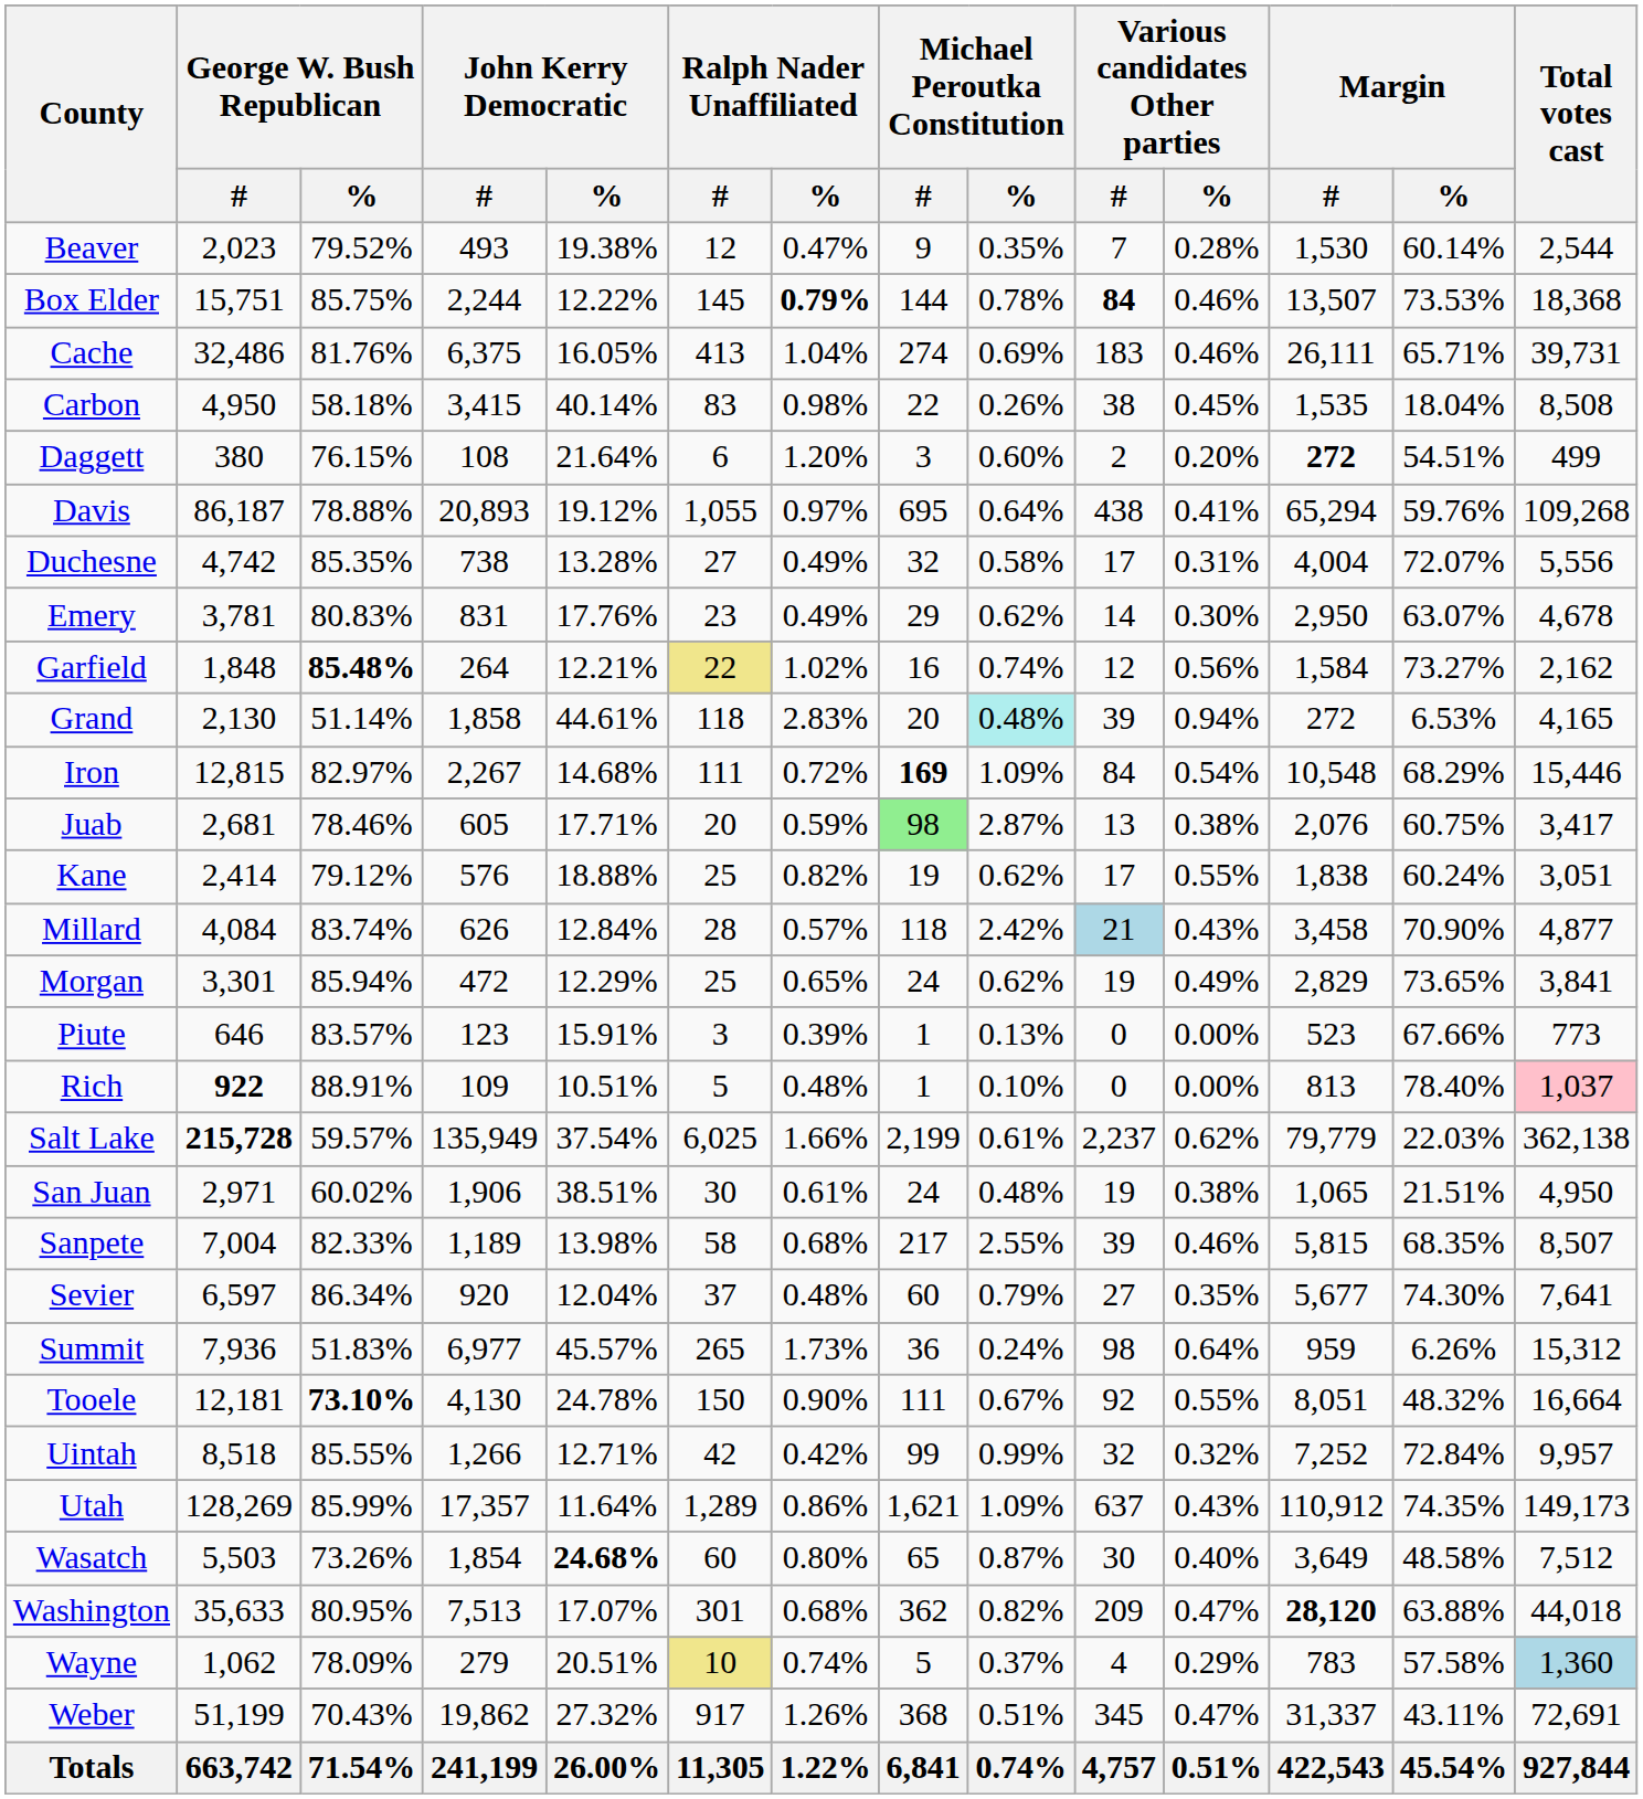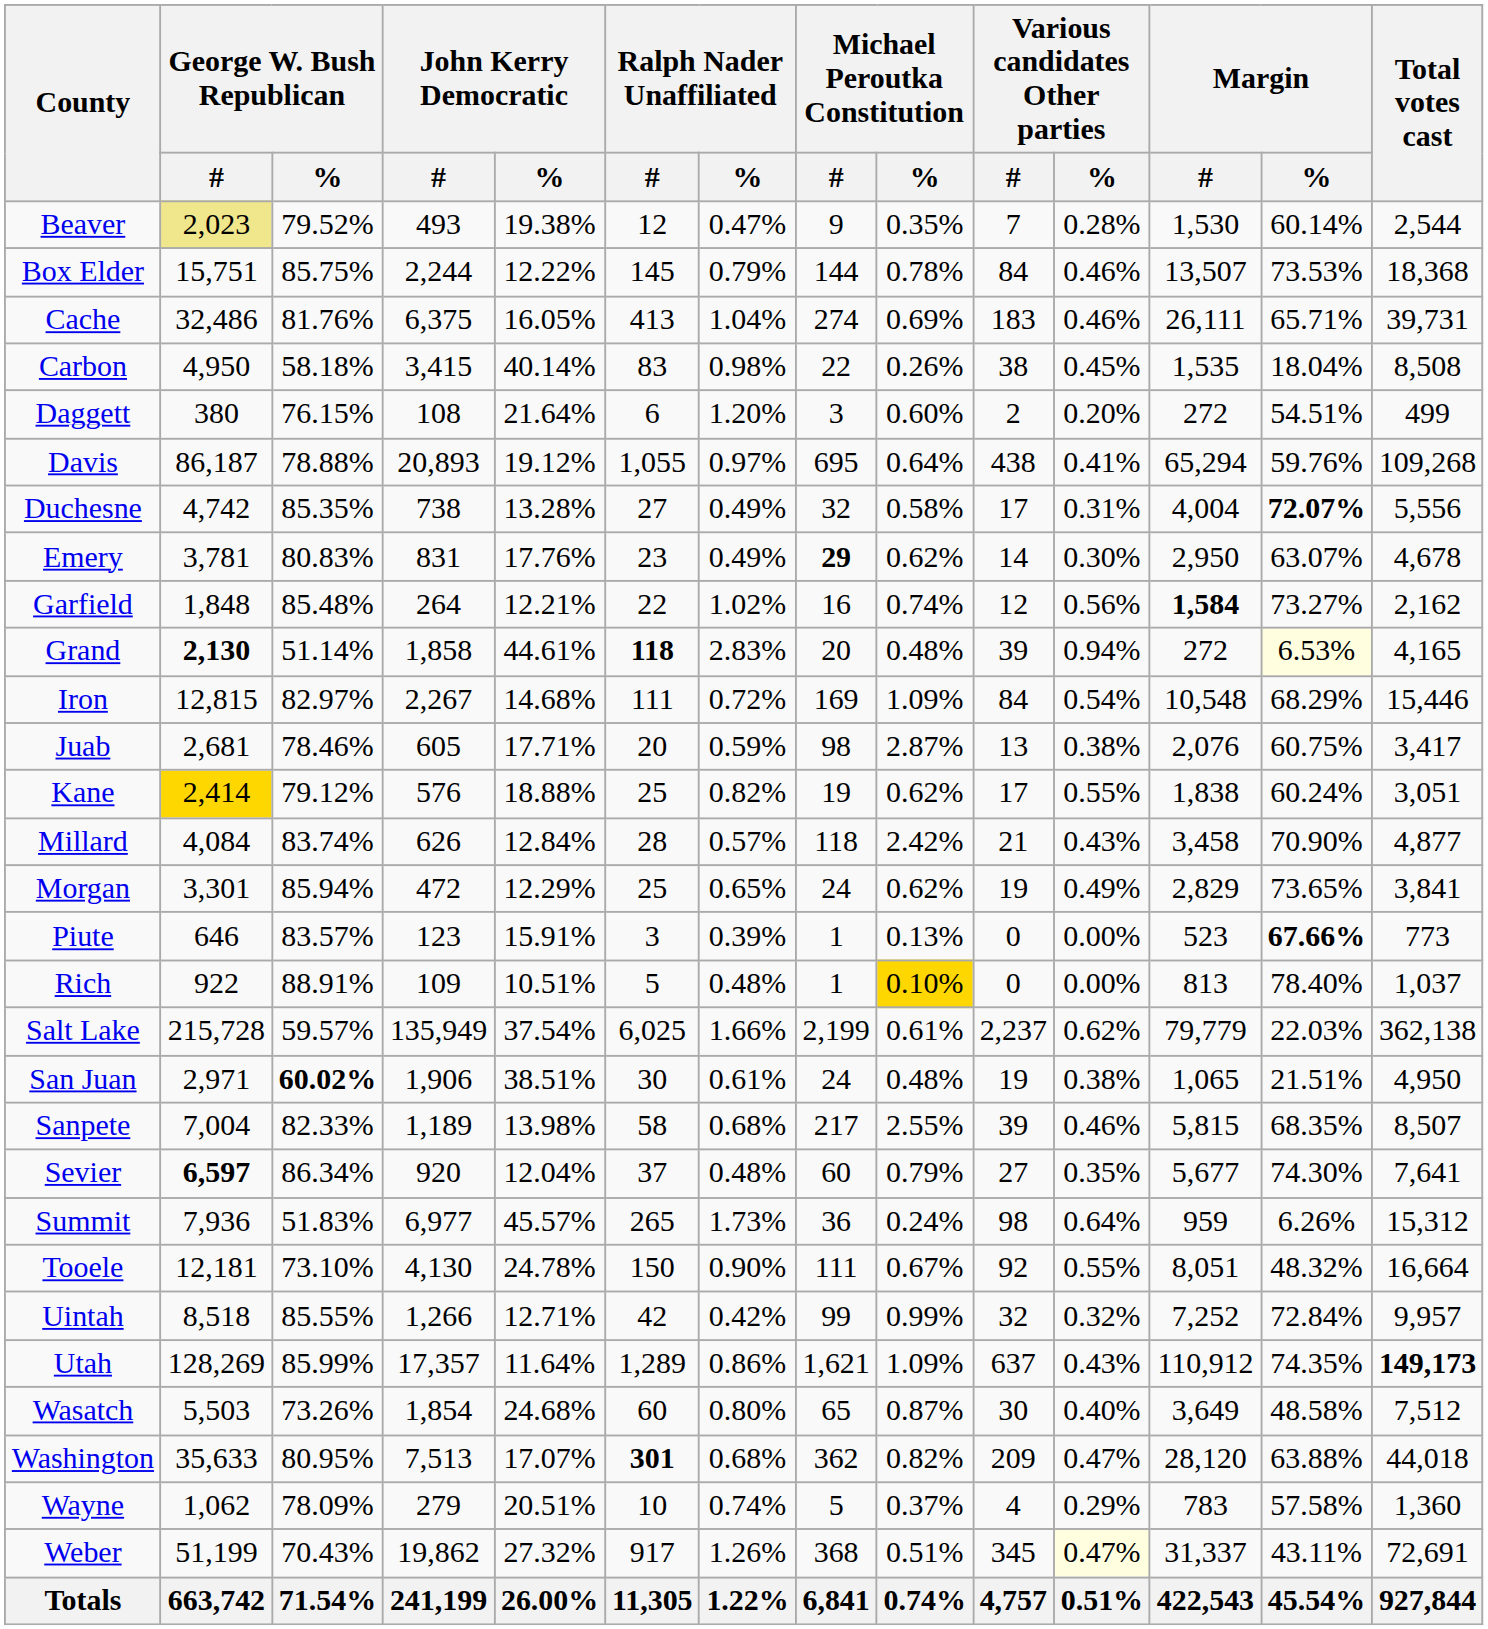 <table width="60%"  class="wikitable sortable">
 <tr>
 <th rowspan="2">County</th>
 <th colspan="2">George W. Bush<br>Republican</th>
 <th colspan="2">John Kerry<br>Democratic</th>
 <th colspan="2">Ralph Nader<br>Unaffiliated</th>
 <th colspan="2">Michael Peroutka<br>Constitution</th>
 <th colspan="2">Various candidates<br>Other parties</th>
 <th colspan="2">Margin</th>
 <th rowspan="2">Total votes cast</th>
 </tr>
 <tr>
 <th style="text-align:center;" data-sort-type="number">#</th>
 <th style="text-align:center;" data-sort-type="number">%</th>
 <th style="text-align:center;" data-sort-type="number">#</th>
 <th style="text-align:center;" data-sort-type="number">%</th>
 <th style="text-align:center;" data-sort-type="number">#</th>
 <th style="text-align:center;" data-sort-type="number">%</th>
 <th style="text-align:center;" data-sort-type="number">#</th>
 <th style="text-align:center;" data-sort-type="number">%</th>
 <th style="text-align:center;" data-sort-type="number">#</th>
 <th style="text-align:center;" data-sort-type="number">%</th>
 <th style="text-align:center;" data-sort-type="number">#</th>
 <th style="text-align:center;" data-sort-type="number">%</th>
 </tr>
 <tr style="text-align:center;">
 <td><a href='#'>Beaver</a></td>
-<td>2,023</td>
+<td style="background: khaki;">2,023</td>
 <td>79.52%</td>
 <td>493</td>
 <td>19.38%</td>
 <td>12</td>
 <td>0.47%</td>
 <td>9</td>
 <td>0.35%</td>
 <td>7</td>
 <td>0.28%</td>
 <td>1,530</td>
 <td>60.14%</td>
 <td>2,544</td>
 </tr>
 <tr style="text-align:center;">
 <td><a href='#'>Box Elder</a></td>
 <td>15,751</td>
 <td>85.75%</td>
 <td>2,244</td>
 <td>12.22%</td>
 <td>145</td>
-<td><strong>0.79%</strong></td>
+<td>0.79%</td>
 <td>144</td>
 <td>0.78%</td>
-<td><strong>84</strong></td>
+<td>84</td>
 <td>0.46%</td>
 <td>13,507</td>
 <td>73.53%</td>
 <td>18,368</td>
 </tr>
 <tr style="text-align:center;">
 <td><a href='#'>Cache</a></td>
 <td>32,486</td>
 <td>81.76%</td>
 <td>6,375</td>
 <td>16.05%</td>
 <td>413</td>
 <td>1.04%</td>
 <td>274</td>
 <td>0.69%</td>
 <td>183</td>
 <td>0.46%</td>
 <td>26,111</td>
 <td>65.71%</td>
 <td>39,731</td>
 </tr>
 <tr style="text-align:center;">
 <td><a href='#'>Carbon</a></td>
 <td>4,950</td>
 <td>58.18%</td>
 <td>3,415</td>
 <td>40.14%</td>
 <td>83</td>
 <td>0.98%</td>
 <td>22</td>
 <td>0.26%</td>
 <td>38</td>
 <td>0.45%</td>
 <td>1,535</td>
 <td>18.04%</td>
 <td>8,508</td>
 </tr>
 <tr style="text-align:center;">
 <td><a href='#'>Daggett</a></td>
 <td>380</td>
 <td>76.15%</td>
 <td>108</td>
 <td>21.64%</td>
 <td>6</td>
 <td>1.20%</td>
 <td>3</td>
 <td>0.60%</td>
 <td>2</td>
 <td>0.20%</td>
-<td><strong>272</strong></td>
+<td>272</td>
 <td>54.51%</td>
 <td>499</td>
 </tr>
 <tr style="text-align:center;">
 <td><a href='#'>Davis</a></td>
 <td>86,187</td>
 <td>78.88%</td>
 <td>20,893</td>
 <td>19.12%</td>
 <td>1,055</td>
 <td>0.97%</td>
 <td>695</td>
 <td>0.64%</td>
 <td>438</td>
 <td>0.41%</td>
 <td>65,294</td>
 <td>59.76%</td>
 <td>109,268</td>
 </tr>
 <tr style="text-align:center;">
 <td><a href='#'>Duchesne</a></td>
 <td>4,742</td>
 <td>85.35%</td>
 <td>738</td>
 <td>13.28%</td>
 <td>27</td>
 <td>0.49%</td>
 <td>32</td>
 <td>0.58%</td>
 <td>17</td>
 <td>0.31%</td>
 <td>4,004</td>
-<td>72.07%</td>
+<td><strong>72.07%</strong></td>
 <td>5,556</td>
 </tr>
 <tr style="text-align:center;">
 <td><a href='#'>Emery</a></td>
 <td>3,781</td>
 <td>80.83%</td>
 <td>831</td>
 <td>17.76%</td>
 <td>23</td>
 <td>0.49%</td>
-<td>29</td>
+<td><strong>29</strong></td>
 <td>0.62%</td>
 <td>14</td>
 <td>0.30%</td>
 <td>2,950</td>
 <td>63.07%</td>
 <td>4,678</td>
 </tr>
 <tr style="text-align:center;">
 <td><a href='#'>Garfield</a></td>
 <td>1,848</td>
-<td><strong>85.48%</strong></td>
+<td>85.48%</td>
 <td>264</td>
 <td>12.21%</td>
-<td style="background: khaki;">22</td>
+<td>22</td>
 <td>1.02%</td>
 <td>16</td>
 <td>0.74%</td>
 <td>12</td>
 <td>0.56%</td>
-<td>1,584</td>
+<td><strong>1,584</strong></td>
 <td>73.27%</td>
 <td>2,162</td>
 </tr>
 <tr style="text-align:center;">
 <td><a href='#'>Grand</a></td>
-<td>2,130</td>
+<td><strong>2,130</strong></td>
 <td>51.14%</td>
 <td>1,858</td>
 <td>44.61%</td>
-<td>118</td>
+<td><strong>118</strong></td>
 <td>2.83%</td>
 <td>20</td>
-<td style="background: paleturquoise;">0.48%</td>
+<td>0.48%</td>
 <td>39</td>
 <td>0.94%</td>
 <td>272</td>
-<td>6.53%</td>
+<td style="background: lightyellow;">6.53%</td>
 <td>4,165</td>
 </tr>
 <tr style="text-align:center;">
 <td><a href='#'>Iron</a></td>
 <td>12,815</td>
 <td>82.97%</td>
 <td>2,267</td>
 <td>14.68%</td>
 <td>111</td>
 <td>0.72%</td>
-<td><strong>169</strong></td>
+<td>169</td>
 <td>1.09%</td>
 <td>84</td>
 <td>0.54%</td>
 <td>10,548</td>
 <td>68.29%</td>
 <td>15,446</td>
 </tr>
 <tr style="text-align:center;">
 <td><a href='#'>Juab</a></td>
 <td>2,681</td>
 <td>78.46%</td>
 <td>605</td>
 <td>17.71%</td>
 <td>20</td>
 <td>0.59%</td>
-<td style="background: lightgreen;">98</td>
+<td>98</td>
 <td>2.87%</td>
 <td>13</td>
 <td>0.38%</td>
 <td>2,076</td>
 <td>60.75%</td>
 <td>3,417</td>
 </tr>
 <tr style="text-align:center;">
 <td><a href='#'>Kane</a></td>
-<td>2,414</td>
+<td style="background: gold;">2,414</td>
 <td>79.12%</td>
 <td>576</td>
 <td>18.88%</td>
 <td>25</td>
 <td>0.82%</td>
 <td>19</td>
 <td>0.62%</td>
 <td>17</td>
 <td>0.55%</td>
 <td>1,838</td>
 <td>60.24%</td>
 <td>3,051</td>
 </tr>
 <tr style="text-align:center;">
 <td><a href='#'>Millard</a></td>
 <td>4,084</td>
 <td>83.74%</td>
 <td>626</td>
 <td>12.84%</td>
 <td>28</td>
 <td>0.57%</td>
 <td>118</td>
 <td>2.42%</td>
-<td style="background: lightblue;">21</td>
+<td>21</td>
 <td>0.43%</td>
 <td>3,458</td>
 <td>70.90%</td>
 <td>4,877</td>
 </tr>
 <tr style="text-align:center;">
 <td><a href='#'>Morgan</a></td>
 <td>3,301</td>
 <td>85.94%</td>
 <td>472</td>
 <td>12.29%</td>
 <td>25</td>
 <td>0.65%</td>
 <td>24</td>
 <td>0.62%</td>
 <td>19</td>
 <td>0.49%</td>
 <td>2,829</td>
 <td>73.65%</td>
 <td>3,841</td>
 </tr>
 <tr style="text-align:center;">
 <td><a href='#'>Piute</a></td>
 <td>646</td>
 <td>83.57%</td>
 <td>123</td>
 <td>15.91%</td>
 <td>3</td>
 <td>0.39%</td>
 <td>1</td>
 <td>0.13%</td>
 <td>0</td>
 <td>0.00%</td>
 <td>523</td>
-<td>67.66%</td>
+<td><strong>67.66%</strong></td>
 <td>773</td>
 </tr>
 <tr style="text-align:center;">
 <td><a href='#'>Rich</a></td>
-<td><strong>922</strong></td>
+<td>922</td>
 <td>88.91%</td>
 <td>109</td>
 <td>10.51%</td>
 <td>5</td>
 <td>0.48%</td>
 <td>1</td>
-<td>0.10%</td>
+<td style="background: gold;">0.10%</td>
 <td>0</td>
 <td>0.00%</td>
 <td>813</td>
 <td>78.40%</td>
-<td style="background: pink;">1,037</td>
+<td>1,037</td>
 </tr>
 <tr style="text-align:center;">
 <td><a href='#'>Salt Lake</a></td>
-<td><strong>215,728</strong></td>
+<td>215,728</td>
 <td>59.57%</td>
 <td>135,949</td>
 <td>37.54%</td>
 <td>6,025</td>
 <td>1.66%</td>
 <td>2,199</td>
 <td>0.61%</td>
 <td>2,237</td>
 <td>0.62%</td>
 <td>79,779</td>
 <td>22.03%</td>
 <td>362,138</td>
 </tr>
 <tr style="text-align:center;">
 <td><a href='#'>San Juan</a></td>
 <td>2,971</td>
-<td>60.02%</td>
+<td><strong>60.02%</strong></td>
 <td>1,906</td>
 <td>38.51%</td>
 <td>30</td>
 <td>0.61%</td>
 <td>24</td>
 <td>0.48%</td>
 <td>19</td>
 <td>0.38%</td>
 <td>1,065</td>
 <td>21.51%</td>
 <td>4,950</td>
 </tr>
 <tr style="text-align:center;">
 <td><a href='#'>Sanpete</a></td>
 <td>7,004</td>
 <td>82.33%</td>
 <td>1,189</td>
 <td>13.98%</td>
 <td>58</td>
 <td>0.68%</td>
 <td>217</td>
 <td>2.55%</td>
 <td>39</td>
 <td>0.46%</td>
 <td>5,815</td>
 <td>68.35%</td>
 <td>8,507</td>
 </tr>
 <tr style="text-align:center;">
 <td><a href='#'>Sevier</a></td>
-<td>6,597</td>
+<td><strong>6,597</strong></td>
 <td>86.34%</td>
 <td>920</td>
 <td>12.04%</td>
 <td>37</td>
 <td>0.48%</td>
 <td>60</td>
 <td>0.79%</td>
 <td>27</td>
 <td>0.35%</td>
 <td>5,677</td>
 <td>74.30%</td>
 <td>7,641</td>
 </tr>
 <tr style="text-align:center;">
 <td><a href='#'>Summit</a></td>
 <td>7,936</td>
 <td>51.83%</td>
 <td>6,977</td>
 <td>45.57%</td>
 <td>265</td>
 <td>1.73%</td>
 <td>36</td>
 <td>0.24%</td>
 <td>98</td>
 <td>0.64%</td>
 <td>959</td>
 <td>6.26%</td>
 <td>15,312</td>
 </tr>
 <tr style="text-align:center;">
 <td><a href='#'>Tooele</a></td>
 <td>12,181</td>
-<td><strong>73.10%</strong></td>
+<td>73.10%</td>
 <td>4,130</td>
 <td>24.78%</td>
 <td>150</td>
 <td>0.90%</td>
 <td>111</td>
 <td>0.67%</td>
 <td>92</td>
 <td>0.55%</td>
 <td>8,051</td>
 <td>48.32%</td>
 <td>16,664</td>
 </tr>
 <tr style="text-align:center;">
 <td><a href='#'>Uintah</a></td>
 <td>8,518</td>
 <td>85.55%</td>
 <td>1,266</td>
 <td>12.71%</td>
 <td>42</td>
 <td>0.42%</td>
 <td>99</td>
 <td>0.99%</td>
 <td>32</td>
 <td>0.32%</td>
 <td>7,252</td>
 <td>72.84%</td>
 <td>9,957</td>
 </tr>
 <tr style="text-align:center;">
 <td><a href='#'>Utah</a></td>
 <td>128,269</td>
 <td>85.99%</td>
 <td>17,357</td>
 <td>11.64%</td>
 <td>1,289</td>
 <td>0.86%</td>
 <td>1,621</td>
 <td>1.09%</td>
 <td>637</td>
 <td>0.43%</td>
 <td>110,912</td>
 <td>74.35%</td>
-<td>149,173</td>
+<td><strong>149,173</strong></td>
 </tr>
 <tr style="text-align:center;">
 <td><a href='#'>Wasatch</a></td>
 <td>5,503</td>
 <td>73.26%</td>
 <td>1,854</td>
-<td><strong>24.68%</strong></td>
+<td>24.68%</td>
 <td>60</td>
 <td>0.80%</td>
 <td>65</td>
 <td>0.87%</td>
 <td>30</td>
 <td>0.40%</td>
 <td>3,649</td>
 <td>48.58%</td>
 <td>7,512</td>
 </tr>
 <tr style="text-align:center;">
 <td><a href='#'>Washington</a></td>
 <td>35,633</td>
 <td>80.95%</td>
 <td>7,513</td>
 <td>17.07%</td>
-<td>301</td>
+<td><strong>301</strong></td>
 <td>0.68%</td>
 <td>362</td>
 <td>0.82%</td>
 <td>209</td>
 <td>0.47%</td>
-<td><strong>28,120</strong></td>
+<td>28,120</td>
 <td>63.88%</td>
 <td>44,018</td>
 </tr>
 <tr style="text-align:center;">
 <td><a href='#'>Wayne</a></td>
 <td>1,062</td>
 <td>78.09%</td>
 <td>279</td>
 <td>20.51%</td>
-<td style="background: khaki;">10</td>
+<td>10</td>
 <td>0.74%</td>
 <td>5</td>
 <td>0.37%</td>
 <td>4</td>
 <td>0.29%</td>
 <td>783</td>
 <td>57.58%</td>
-<td style="background: lightblue;">1,360</td>
+<td>1,360</td>
 </tr>
 <tr style="text-align:center;">
 <td><a href='#'>Weber</a></td>
 <td>51,199</td>
 <td>70.43%</td>
 <td>19,862</td>
 <td>27.32%</td>
 <td>917</td>
 <td>1.26%</td>
 <td>368</td>
 <td>0.51%</td>
 <td>345</td>
-<td>0.47%</td>
+<td style="background: lightyellow;">0.47%</td>
 <td>31,337</td>
 <td>43.11%</td>
 <td>72,691</td>
 </tr>
 <tr>
 <th>Totals</th>
 <th>663,742</th>
 <th>71.54%</th>
 <th>241,199</th>
 <th>26.00%</th>
 <th>11,305</th>
 <th>1.22%</th>
 <th>6,841</th>
 <th>0.74%</th>
 <th>4,757</th>
 <th>0.51%</th>
 <th>422,543</th>
 <th>45.54%</th>
 <th>927,844</th>
 </tr>
 </table>
